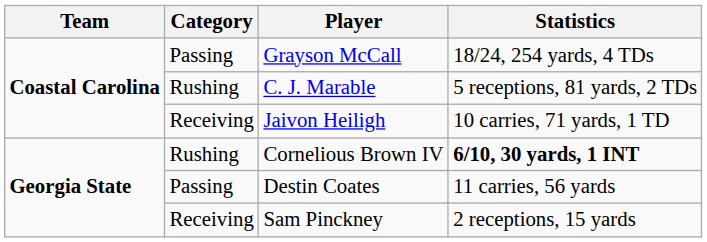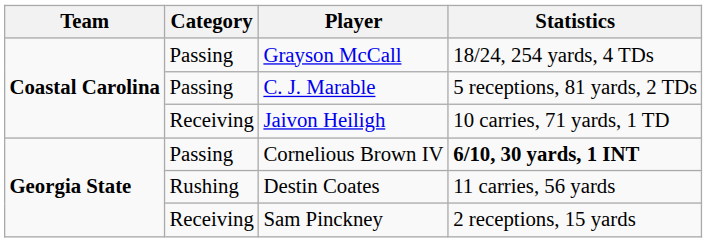 <table class="wikitable" style="float: left;">
 <tr>
 <th>Team</th>
 <th>Category</th>
 <th>Player</th>
 <th>Statistics</th>
 </tr>
 <tr>
 <td rowspan=3><strong>Coastal Carolina</strong></td>
 <td>Passing</td>
 <td><a href='#'>Grayson McCall</a></td>
 <td>18/24, 254 yards, 4 TDs</td>
 </tr>
 <tr>
-<td>Rushing</td>
+<td>Passing</td>
 <td><a href='#'>C. J. Marable</a></td>
 <td>5 receptions, 81 yards, 2 TDs</td>
 </tr>
 <tr>
 <td>Receiving</td>
 <td><a href='#'>Jaivon Heiligh</a></td>
 <td>10 carries, 71 yards, 1 TD</td>
 </tr>
 <tr>
 <td rowspan=3><strong>Georgia State</strong></td>
-<td>Rushing</td>
+<td>Passing</td>
 <td>Cornelious Brown IV</td>
 <td><strong>6/10, 30 yards, 1 INT</strong></td>
 </tr>
 <tr>
-<td>Passing</td>
+<td>Rushing</td>
 <td>Destin Coates</td>
 <td>11 carries, 56 yards</td>
 </tr>
 <tr>
 <td>Receiving</td>
 <td>Sam Pinckney</td>
 <td>2 receptions, 15 yards</td>
 </tr>
 </table>
